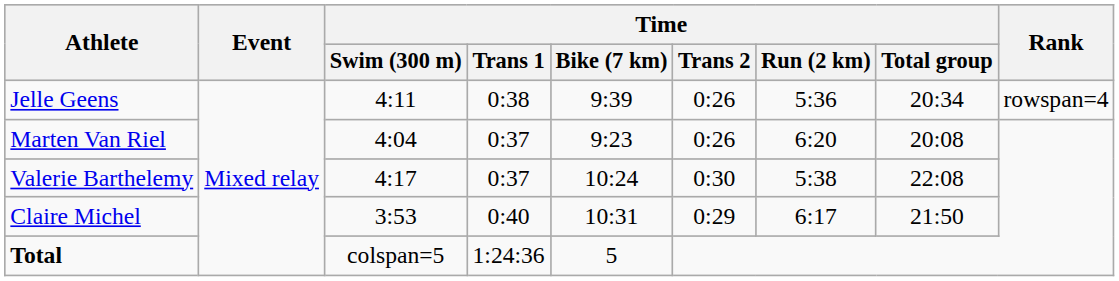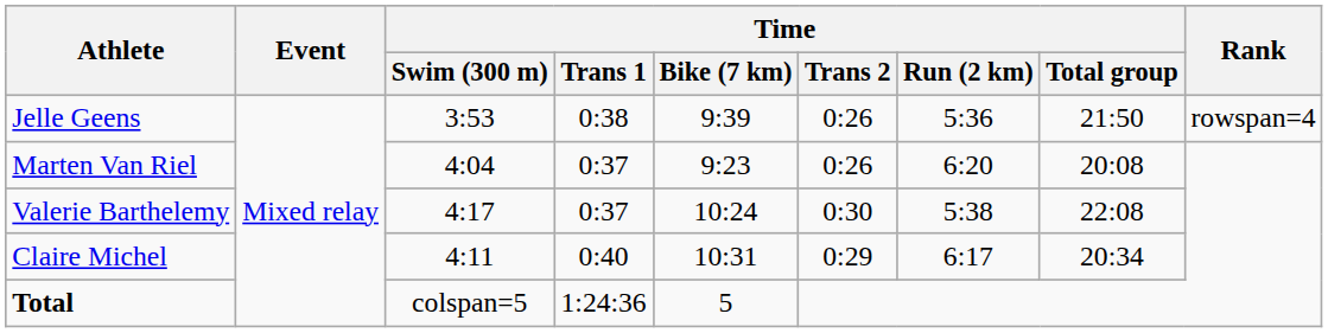 <table class="wikitable" style="font-size:90%;text-align:center;">
 <tr>
 <th rowspan=2>Athlete</th>
 <th rowspan=2>Event</th>
 <th colspan=6>Time</th>
 <th rowspan=2>Rank</th>
 </tr>
 <tr style="font-size:95%">
 <th>Swim (300 m)</th>
 <th>Trans 1</th>
 <th>Bike (7 km)</th>
 <th>Trans 2</th>
 <th>Run (2 km)</th>
 <th>Total group</th>
 </tr>
 <tr>
 <td align=left><a href='#'>Jelle Geens</a></td>
 <td align=left rowspan=5><a href='#'>Mixed relay</a></td>
-<td>4:11</td>
+<td>3:53</td>
 <td>0:38</td>
 <td>9:39</td>
 <td>0:26</td>
 <td>5:36</td>
-<td>20:34</td>
+<td>21:50</td>
 <td>rowspan=4 </td>
 </tr>
 <tr>
 <td align=left><a href='#'>Marten Van Riel</a></td>
 <td>4:04</td>
 <td>0:37</td>
 <td>9:23</td>
 <td>0:26</td>
 <td>6:20</td>
 <td>20:08</td>
 </tr>
 <tr>
 <td align=left><a href='#'>Valerie Barthelemy</a></td>
 <td>4:17</td>
 <td>0:37</td>
 <td>10:24</td>
 <td>0:30</td>
 <td>5:38</td>
 <td>22:08</td>
 </tr>
 <tr>
 <td align=left><a href='#'>Claire Michel</a></td>
-<td>3:53</td>
+<td>4:11</td>
 <td>0:40</td>
 <td>10:31</td>
 <td>0:29</td>
 <td>6:17</td>
-<td>21:50</td>
+<td>20:34</td>
 </tr>
 <tr align=center>
 <td align=left><strong>Total</strong></td>
 <td>colspan=5 </td>
 <td>1:24:36</td>
 <td>5</td>
 </tr>
 </table>
